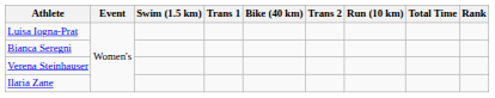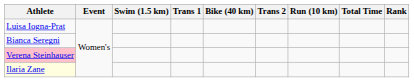 <table class="wikitable" style="font-size:90%">
 <tr>
 <th>Athlete</th>
 <th>Event</th>
 <th>Swim (1.5 km)</th>
 <th>Trans 1</th>
 <th>Bike (40 km)</th>
 <th>Trans 2</th>
 <th>Run (10 km)</th>
 <th>Total Time</th>
 <th>Rank</th>
 </tr>
 <tr align=center>
 <td align=left><a href='#'>Luisa Iogna-Prat</a></td>
 <td align=left rowspan=4>Women's</td>
 <td></td>
 <td></td>
 <td></td>
 <td></td>
 <td></td>
 <td></td>
 <td></td>
 </tr>
 <tr align=center>
 <td align=left><a href='#'>Bianca Seregni</a></td>
 <td></td>
 <td></td>
 <td></td>
 <td></td>
 <td></td>
 <td></td>
 <td></td>
 </tr>
 <tr align=center>
-<td align=left><a href='#'>Verena Steinhauser</a></td>
+<td align=left style="background: pink;"><a href='#'>Verena Steinhauser</a></td>
 <td></td>
 <td></td>
 <td></td>
 <td></td>
 <td></td>
 <td></td>
 <td></td>
 </tr>
 <tr align=center>
-<td align=left><a href='#'>Ilaria Zane</a></td>
+<td align=left style="background: lightyellow;"><a href='#'>Ilaria Zane</a></td>
 <td></td>
 <td></td>
 <td></td>
 <td></td>
 <td></td>
 <td></td>
 <td></td>
 </tr>
 </table>
